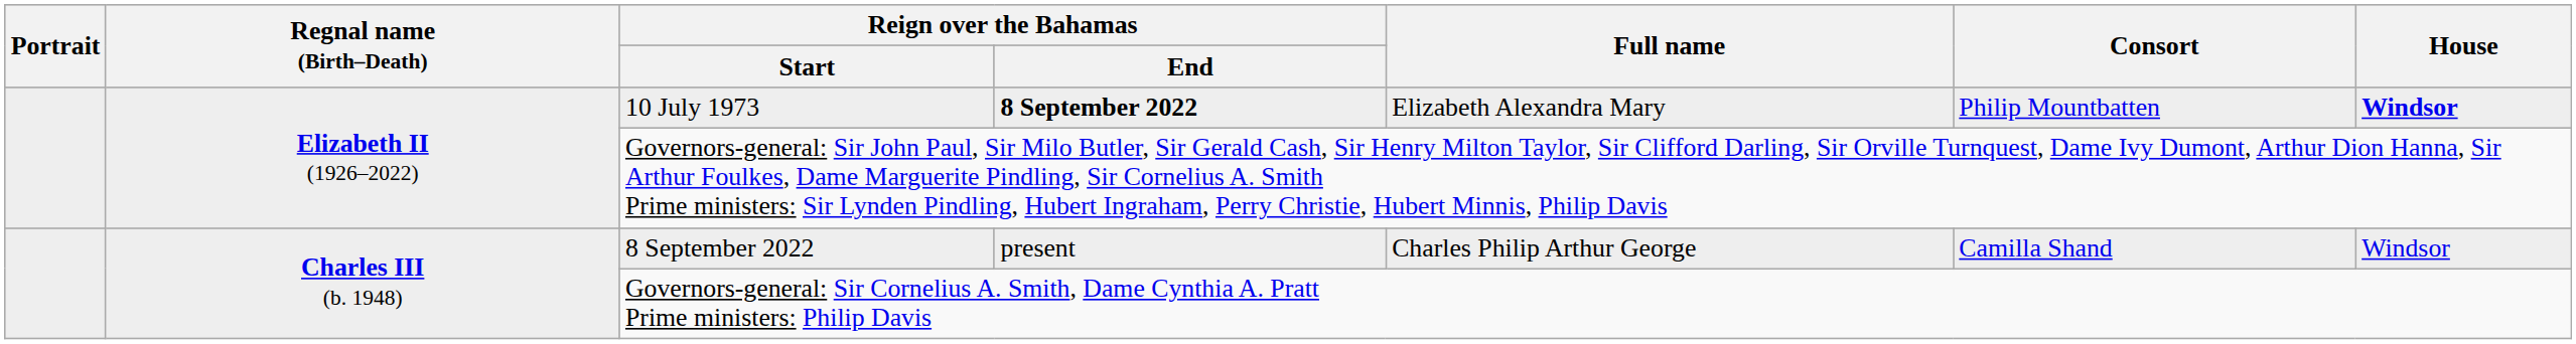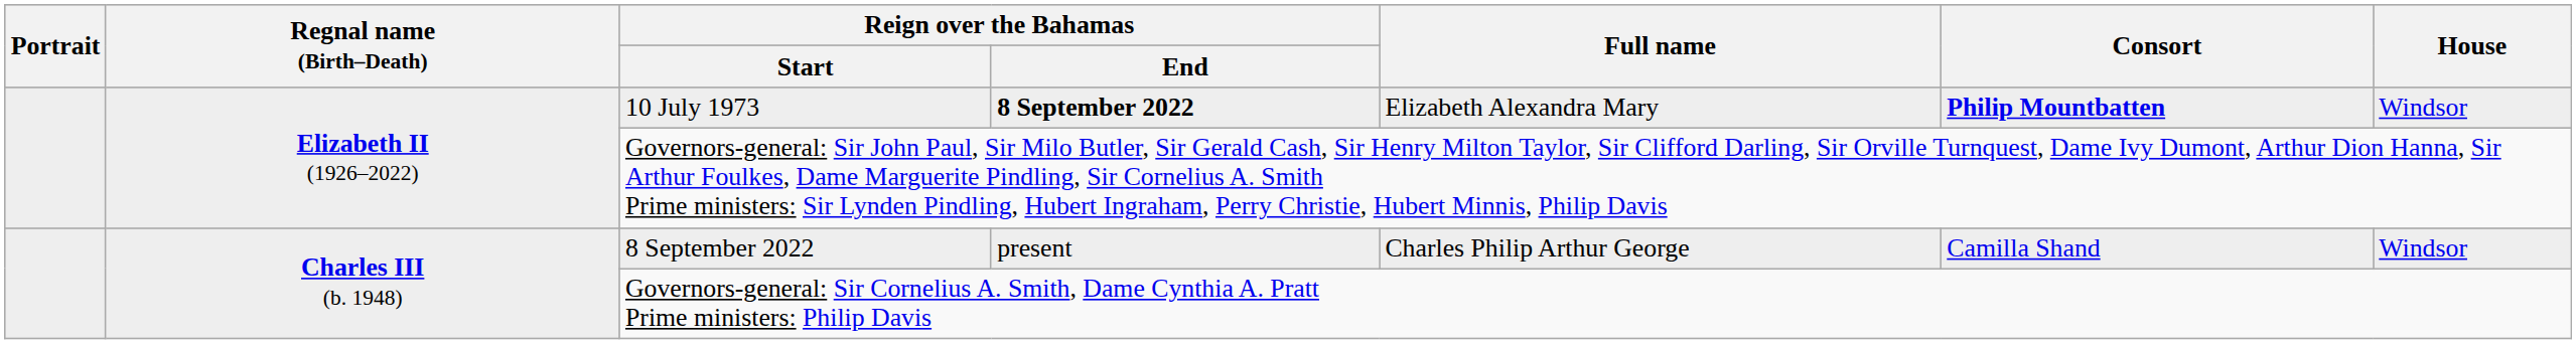 <table class="wikitable" style="width:100%;">
 <tr>
 <th rowspan="2">Portrait</th>
 <th rowspan="2" style="width:20%;">Regnal name<br><small>(Birth–Death)</small></th>
 <th colspan=2>Reign over the Bahamas</th>
 <th rowspan="2">Full name</th>
 <th rowspan="2">Consort</th>
 <th rowspan="2">House</th>
 </tr>
 <tr>
 <th>Start</th>
 <th>End</th>
 </tr>
 <tr style="background:#eee;">
 <td rowspan="2" style="text-align:center;"></td>
 <td rowspan="2" style="text-align:center;"><strong><a href='#'>Elizabeth II</a></strong><br><small>(1926–2022)</small></td>
 <td>10 July 1973</td>
 <td><strong>8 September 2022</strong></td>
 <td>Elizabeth Alexandra Mary</td>
-<td><a href='#'>Philip Mountbatten</a></td>
-<td><strong><a href='#'>Windsor</a></strong></td>
+<td><strong><a href='#'>Philip Mountbatten</a></strong></td>
+<td><a href='#'>Windsor</a></td>
 </tr>
 <tr>
 <td colspan="5"><u>Governors-general:</u> <a href='#'>Sir John Paul</a>, <a href='#'>Sir Milo Butler</a>, <a href='#'>Sir Gerald Cash</a>, <a href='#'>Sir Henry Milton Taylor</a>, <a href='#'>Sir Clifford Darling</a>, <a href='#'>Sir Orville Turnquest</a>, <a href='#'>Dame Ivy Dumont</a>, <a href='#'>Arthur Dion Hanna</a>, <a href='#'>Sir Arthur Foulkes</a>, <a href='#'>Dame Marguerite Pindling</a>, <a href='#'>Sir Cornelius A. Smith</a><br><u>Prime ministers:</u> <a href='#'>Sir Lynden Pindling</a>, <a href='#'>Hubert Ingraham</a>, <a href='#'>Perry Christie</a>, <a href='#'>Hubert Minnis</a>, <a href='#'>Philip Davis</a></td>
 </tr>
 <tr style="background:#eee;">
 <td rowspan="2" style="text-align:center;"></td>
 <td rowspan="2" style="text-align:center;"><strong><a href='#'>Charles III</a></strong><br><small>(b. 1948)</small></td>
 <td>8 September 2022</td>
 <td>present</td>
 <td>Charles Philip Arthur George</td>
 <td><a href='#'>Camilla Shand</a></td>
 <td><a href='#'>Windsor</a></td>
 </tr>
 <tr>
 <td colspan="5"><u>Governors-general:</u> <a href='#'>Sir Cornelius A. Smith</a>, <a href='#'>Dame Cynthia A. Pratt</a><br><u>Prime ministers:</u> <a href='#'>Philip Davis</a></td>
 </tr>
 </table>
